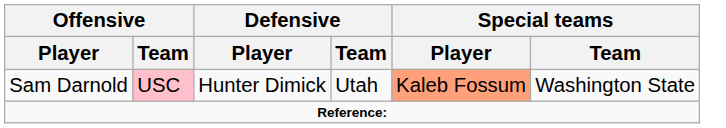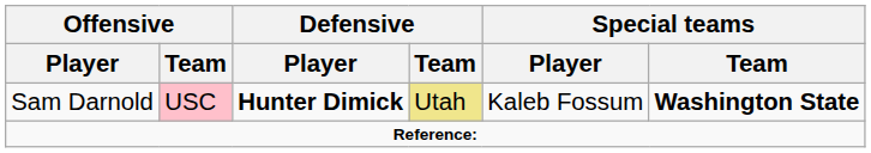 <table class="wikitable">
 <tr>
 <th colspan="2">Offensive</th>
 <th colspan="2">Defensive</th>
 <th colspan="2">Special teams</th>
 </tr>
 <tr>
 <th>Player</th>
 <th>Team</th>
 <th>Player</th>
 <th>Team</th>
 <th>Player</th>
 <th>Team</th>
 </tr>
 <tr>
 <td>Sam Darnold</td>
 <td style="background: pink;">USC</td>
-<td>Hunter Dimick</td>
-<td>Utah</td>
-<td style="background: lightsalmon;">Kaleb Fossum</td>
-<td>Washington State</td>
+<td><strong>Hunter Dimick</strong></td>
+<td style="background: khaki;">Utah</td>
+<td>Kaleb Fossum</td>
+<td><strong>Washington State</strong></td>
 </tr>
 <tr>
 <td colspan="12"  style="font-size:8pt; text-align:center;"><strong>Reference:</strong></td>
 </tr>
 </table>
